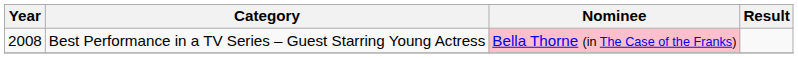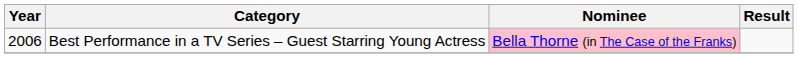 <table class="wikitable">
 <tr>
 <th>Year</th>
 <th>Category</th>
 <th>Nominee</th>
 <th>Result</th>
 </tr>
 <tr>
-<td>2008</td>
+<td>2006</td>
 <td>Best Performance in a TV Series – Guest Starring Young Actress</td>
 <td style="background: pink;"><a href='#'>Bella Thorne</a> <small>(in <a href='#'>The Case of the Franks</a>)</small></td>
 <td></td>
 </tr>
 <tr>
 </tr>
 </table>
